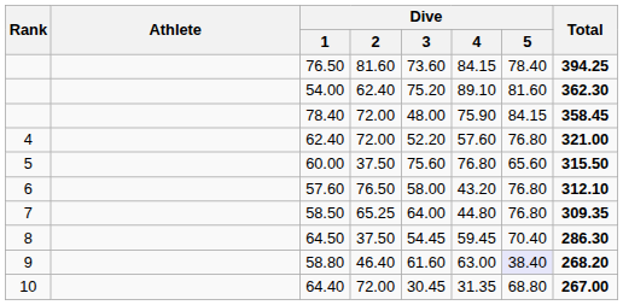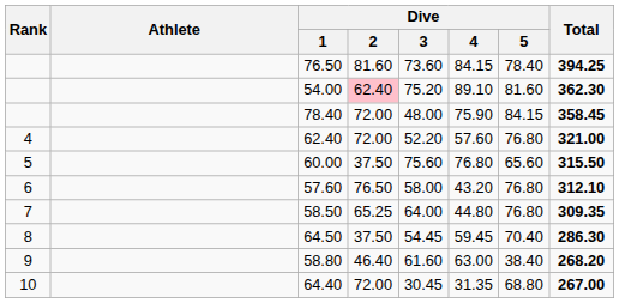 <table class=wikitable style="text-align:center">
 <tr>
 <th rowspan="2" width=40>Rank</th>
 <th rowspan="2" width=250>Athlete</th>
 <th colspan="5">Dive</th>
 <th rowspan="2" width=60>Total</th>
 </tr>
 <tr>
 <th width=45>1</th>
 <th width=45>2</th>
 <th width=45>3</th>
 <th width=45>4</th>
 <th width=45>5</th>
 </tr>
 <tr>
 <td></td>
 <td align=left></td>
 <td>76.50</td>
 <td>81.60</td>
 <td>73.60</td>
 <td>84.15</td>
 <td>78.40</td>
 <td><strong>394.25</strong></td>
 </tr>
 <tr>
 <td></td>
 <td align=left></td>
 <td>54.00</td>
-<td>62.40</td>
+<td style="background: pink;">62.40</td>
 <td>75.20</td>
 <td>89.10</td>
 <td>81.60</td>
 <td><strong>362.30</strong></td>
 </tr>
 <tr>
 <td></td>
 <td align=left></td>
 <td>78.40</td>
 <td>72.00</td>
 <td>48.00</td>
 <td>75.90</td>
 <td>84.15</td>
 <td><strong>358.45</strong></td>
 </tr>
 <tr>
 <td>4</td>
 <td align=left></td>
 <td>62.40</td>
 <td>72.00</td>
 <td>52.20</td>
 <td>57.60</td>
 <td>76.80</td>
 <td><strong>321.00</strong></td>
 </tr>
 <tr>
 <td>5</td>
 <td align=left></td>
 <td>60.00</td>
 <td>37.50</td>
 <td>75.60</td>
 <td>76.80</td>
 <td>65.60</td>
 <td><strong>315.50</strong></td>
 </tr>
 <tr>
 <td>6</td>
 <td align=left></td>
 <td>57.60</td>
 <td>76.50</td>
 <td>58.00</td>
 <td>43.20</td>
 <td>76.80</td>
 <td><strong>312.10</strong></td>
 </tr>
 <tr>
 <td>7</td>
 <td align=left></td>
 <td>58.50</td>
 <td>65.25</td>
 <td>64.00</td>
 <td>44.80</td>
 <td>76.80</td>
 <td><strong>309.35</strong></td>
 </tr>
 <tr>
 <td>8</td>
 <td align=left></td>
 <td>64.50</td>
 <td>37.50</td>
 <td>54.45</td>
 <td>59.45</td>
 <td>70.40</td>
 <td><strong>286.30</strong></td>
 </tr>
 <tr>
 <td>9</td>
 <td align=left></td>
 <td>58.80</td>
 <td>46.40</td>
 <td>61.60</td>
 <td>63.00</td>
-<td style="background: lavender;">38.40</td>
+<td>38.40</td>
 <td><strong>268.20</strong></td>
 </tr>
 <tr>
 <td>10</td>
 <td align=left></td>
 <td>64.40</td>
 <td>72.00</td>
 <td>30.45</td>
 <td>31.35</td>
 <td>68.80</td>
 <td><strong>267.00</strong></td>
 </tr>
 </table>
